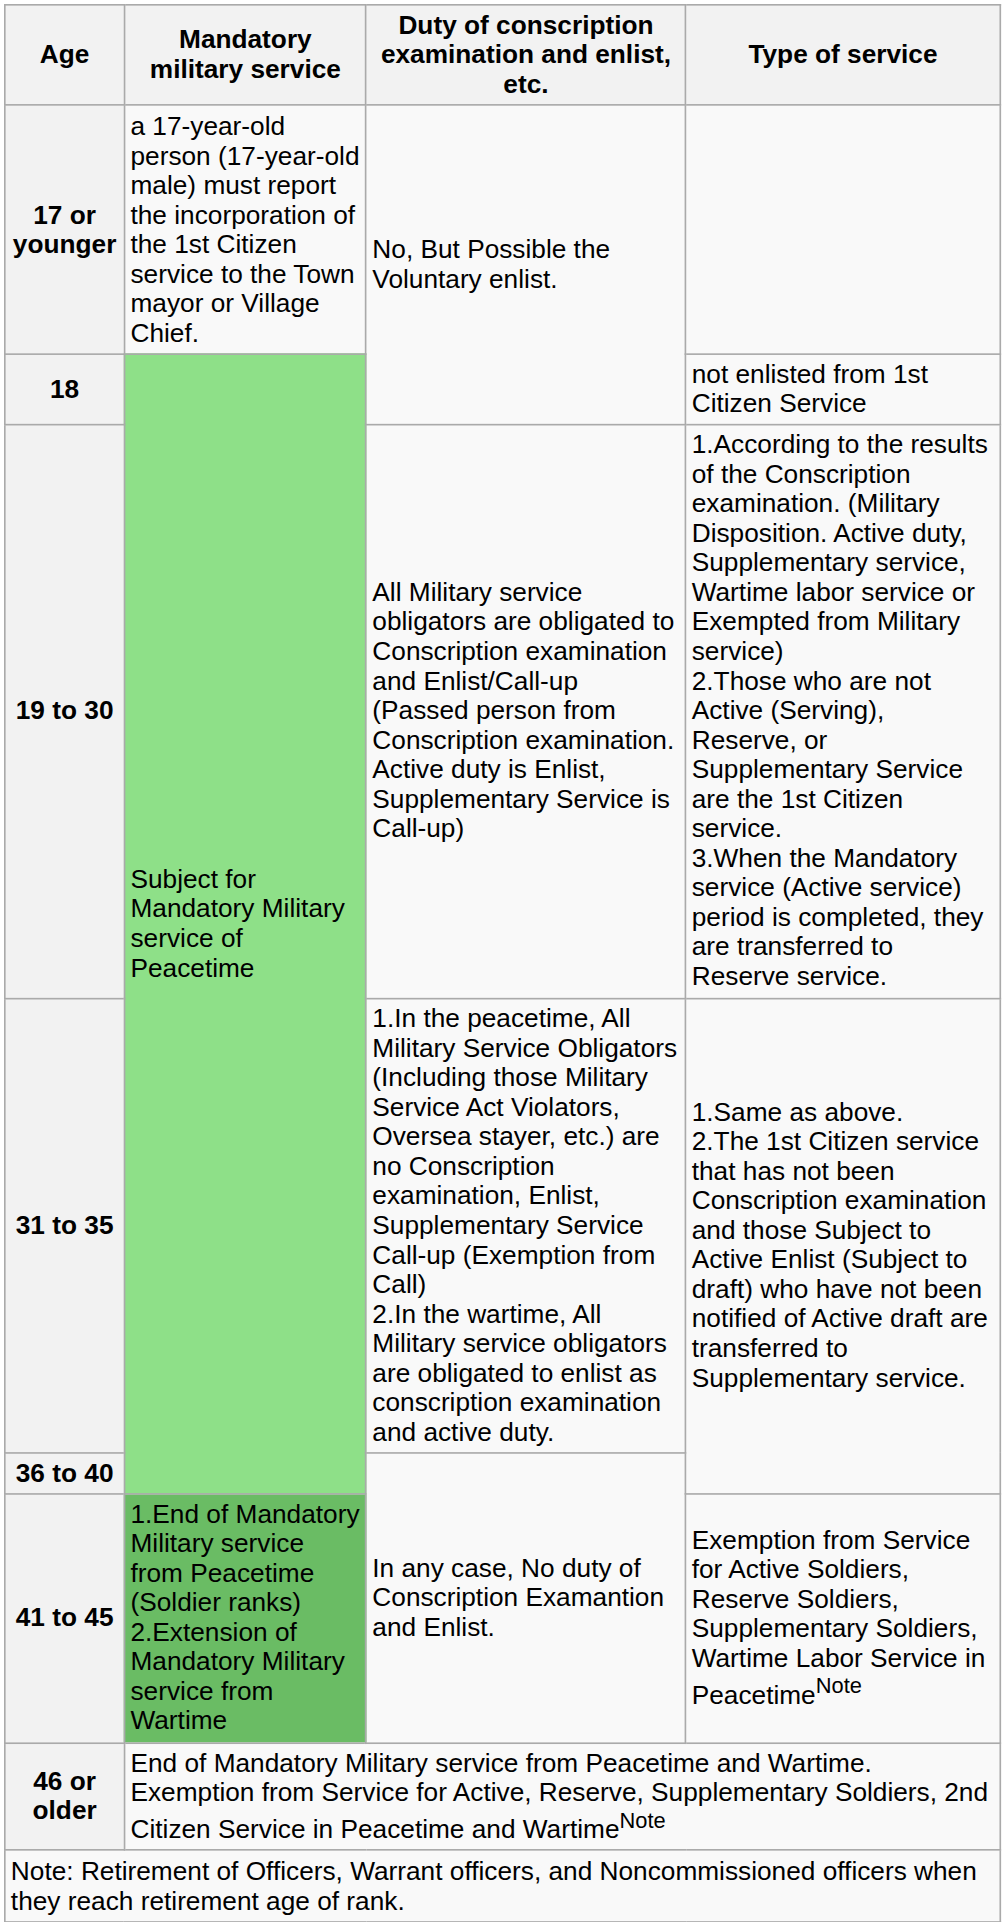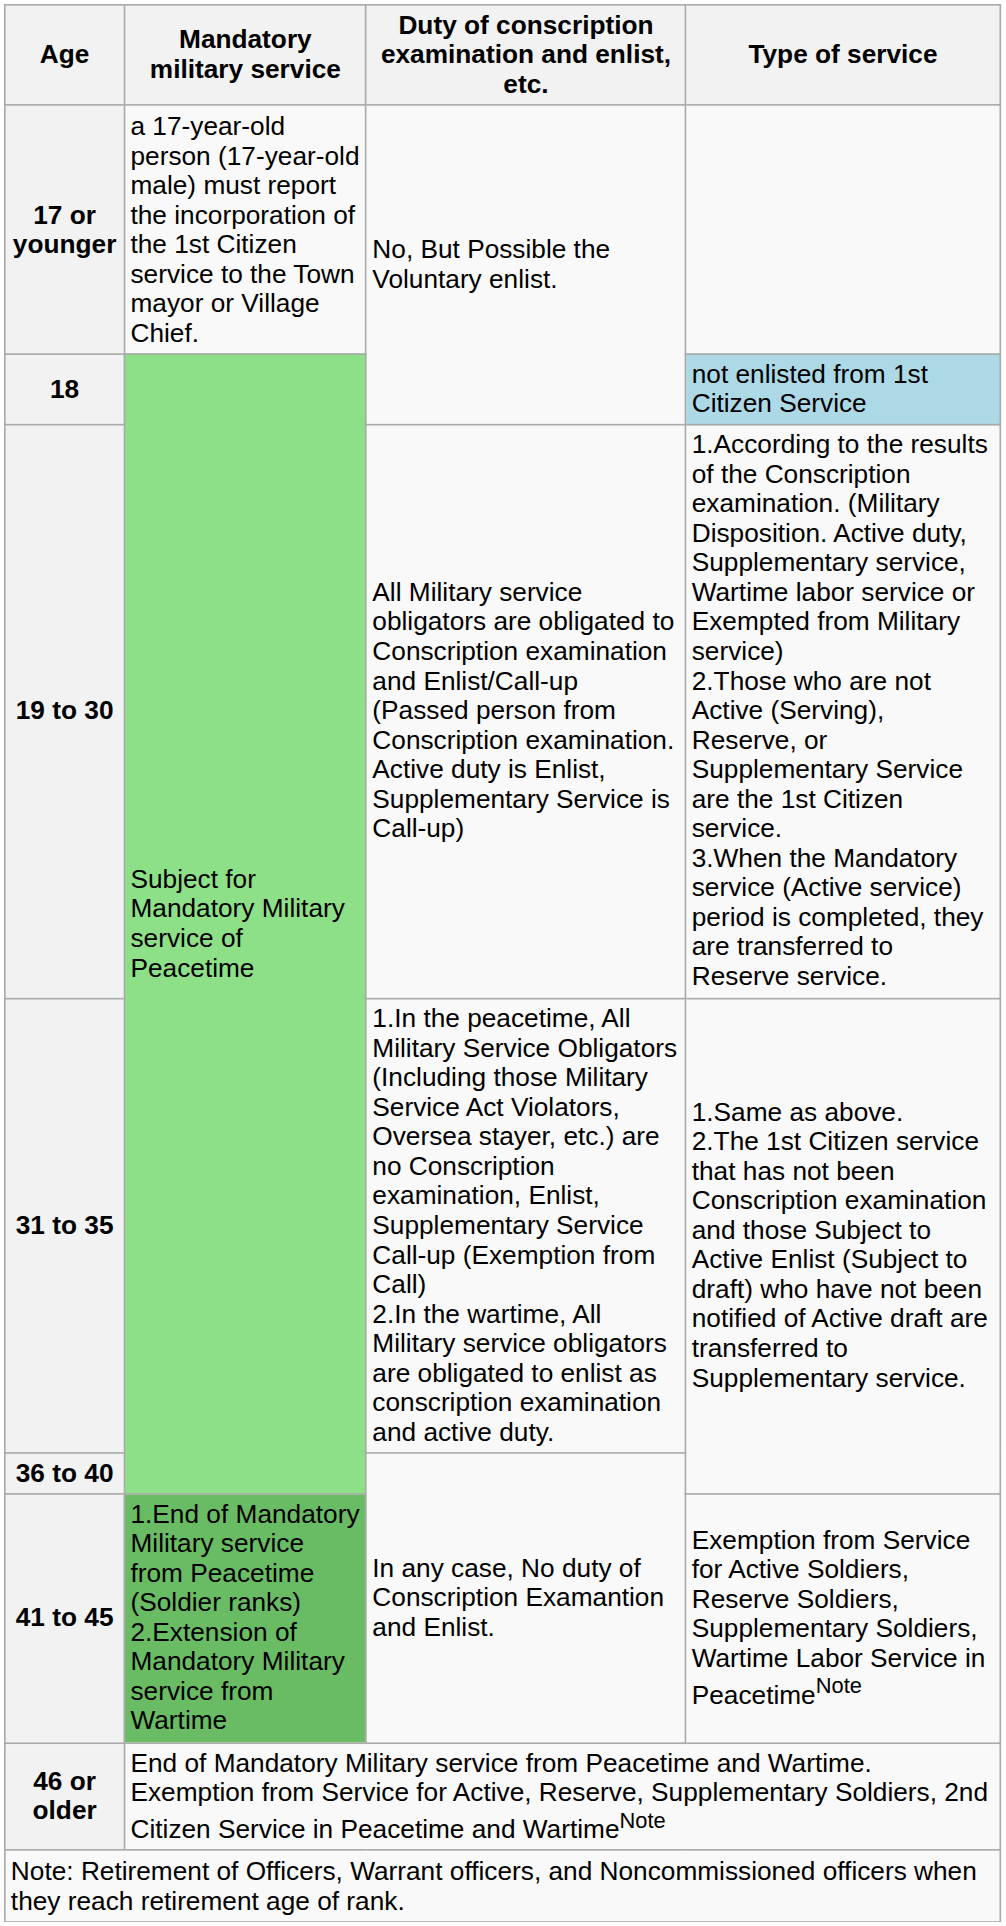 <table class="wikitable">
 <tr>
 <th>Age</th>
 <th>Mandatory military service</th>
 <th>Duty of conscription examination and enlist, etc.</th>
 <th>Type of service</th>
 </tr>
 <tr>
 <th>17 or younger</th>
 <td>a 17-year-old person (17-year-old male) must report the incorporation of the 1st Citizen service to the Town mayor or Village Chief.</td>
 <td rowspan="2">No, But Possible the Voluntary enlist.</td>
 <td></td>
 </tr>
 <tr>
 <th>18</th>
 <td style="background:#8ee088;" rowspan="4">Subject for Mandatory Military service of Peacetime</td>
-<td>not enlisted from 1st Citizen Service</td>
+<td style="background: lightblue;">not enlisted from 1st Citizen Service</td>
 </tr>
 <tr>
 <th>19 to 30</th>
 <td>All Military service obligators are obligated to Conscription examination and Enlist/Call-up (Passed person from Conscription examination. Active duty is Enlist, Supplementary Service is Call-up)</td>
 <td>1.According to the results of the Conscription examination. (Military Disposition. Active duty, Supplementary service, Wartime labor service or Exempted from Military service)<br>2.Those who are not Active (Serving), Reserve, or Supplementary Service are the 1st Citizen service.<br>3.When the Mandatory service (Active service) period is completed, they are transferred to Reserve service.</td>
 </tr>
 <tr>
 <th>31 to 35</th>
 <td>1.In the peacetime, All Military Service Obligators (Including those Military Service Act Violators, Oversea stayer, etc.) are no Conscription examination, Enlist, Supplementary Service Call-up (Exemption from Call)<br>2.In the wartime, All Military service obligators are obligated to enlist as conscription examination and active duty.</td>
 <td rowspan="2">1.Same as above.<br>2.The 1st Citizen service that has not been Conscription examination and those Subject to Active Enlist (Subject to draft) who have not been notified of Active draft are transferred to Supplementary service.</td>
 </tr>
 <tr>
 <th>36 to 40</th>
 <td rowspan="2">In any case, No duty of Conscription Examantion and Enlist.</td>
 </tr>
 <tr>
 <th>41 to 45</th>
 <td style="background:#6abc64;">1.End of Mandatory Military service from Peacetime (Soldier ranks)<br>2.Extension of Mandatory Military service from Wartime</td>
 <td>Exemption from Service for Active Soldiers, Reserve Soldiers, Supplementary Soldiers, Wartime Labor Service in Peacetime<sup>Note</sup></td>
 </tr>
 <tr>
 <th>46 or older</th>
 <td colspan="3">End of Mandatory Military service from Peacetime and Wartime. Exemption from Service for Active, Reserve, Supplementary Soldiers, 2nd Citizen Service in Peacetime and Wartime<sup>Note</sup></td>
 </tr>
 <tr>
 <td colspan="4">Note: Retirement of Officers, Warrant officers, and Noncommissioned officers when they reach retirement age of rank.</td>
 </tr>
 </table>
